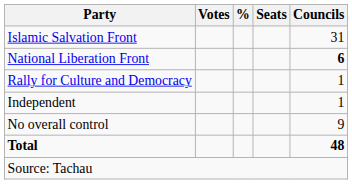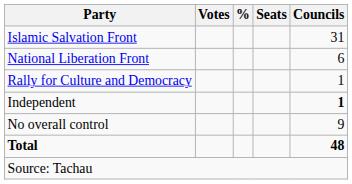 <table class=wikitable style=text-align:right>
 <tr>
 <th>Party</th>
 <th>Votes</th>
 <th>%</th>
 <th>Seats</th>
 <th>Councils</th>
 </tr>
 <tr>
 <td align=left><a href='#'>Islamic Salvation Front</a></td>
 <td></td>
 <td></td>
 <td></td>
 <td>31</td>
 </tr>
 <tr>
 <td align=left><a href='#'>National Liberation Front</a></td>
 <td></td>
 <td></td>
 <td></td>
-<td><strong>6</strong></td>
+<td>6</td>
 </tr>
 <tr>
 <td align=left><a href='#'>Rally for Culture and Democracy</a></td>
 <td></td>
 <td></td>
 <td></td>
 <td>1</td>
 </tr>
 <tr>
 <td align=left>Independent</td>
 <td></td>
 <td></td>
 <td></td>
-<td>1</td>
+<td><strong>1</strong></td>
 </tr>
 <tr>
 <td align=left>No overall control</td>
 <td></td>
 <td></td>
 <td></td>
 <td>9</td>
 </tr>
 <tr>
 <td align=left><strong>Total</strong></td>
 <td></td>
 <td></td>
 <td></td>
 <td><strong>48</strong></td>
 </tr>
 <tr>
 <td align=left colspan=6>Source: Tachau</td>
 </tr>
 </table>
